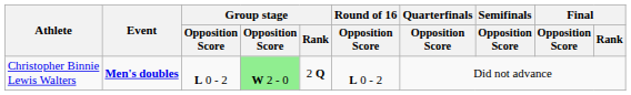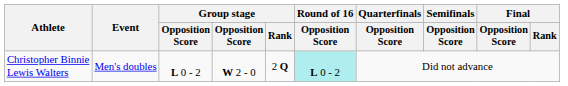 <table class=wikitable style="font-size:90%">
 <tr>
 <th rowspan=2>Athlete</th>
 <th rowspan=2>Event</th>
 <th colspan=3>Group stage</th>
 <th>Round of 16</th>
 <th>Quarterfinals</th>
 <th>Semifinals</th>
 <th colspan=2>Final</th>
 </tr>
 <tr style="font-size:95%">
 <th>Opposition<br>Score</th>
 <th>Opposition<br>Score</th>
 <th>Rank</th>
 <th>Opposition<br>Score</th>
 <th>Opposition<br>Score</th>
 <th>Opposition<br>Score</th>
 <th>Opposition<br>Score</th>
 <th>Rank</th>
 </tr>
 <tr align=center>
 <td align=left><a href='#'>Christopher Binnie</a><br><a href='#'>Lewis Walters</a></td>
-<td align=left><strong><a href='#'>Men's doubles</a></strong></td>
+<td align=left><a href='#'>Men's doubles</a></td>
 <td><br><strong>L</strong> 0 - 2</td>
-<td style="background: lightgreen;"><br><strong>W</strong> 2 - 0</td>
+<td><br><strong>W</strong> 2 - 0</td>
 <td>2 <strong>Q</strong></td>
-<td><br><strong>L</strong> 0 - 2</td>
+<td style="background: paleturquoise;"><br><strong>L</strong> 0 - 2</td>
 <td colspan=4>Did not advance</td>
 </tr>
 </table>
